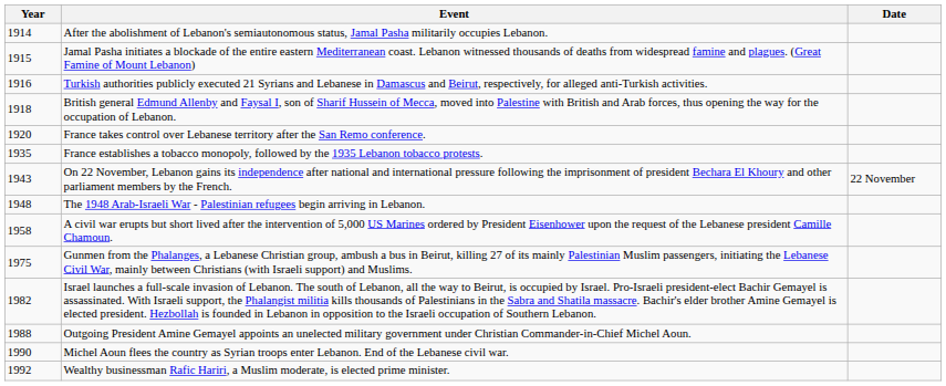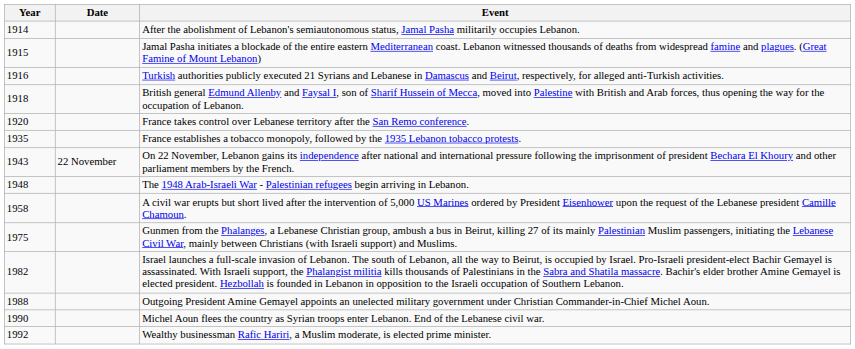 <table class="wikitable" width="100%">
 <tr>
 <th style="width:6%">Year</th>
+<th style="width:10%">Date</th>
 <th>Event</th>
-<th style="width:10%">Date</th>
 </tr>
 <tr>
 <td>1914</td>
+<td></td>
 <td>After the abolishment of Lebanon's semiautonomous status, <a href='#'>Jamal Pasha</a> militarily occupies Lebanon.</td>
-<td></td>
 </tr>
 <tr>
 <td>1915</td>
+<td></td>
 <td>Jamal Pasha initiates a blockade of the entire eastern <a href='#'>Mediterranean</a> coast. Lebanon witnessed thousands of deaths from widespread <a href='#'>famine</a> and <a href='#'>plagues</a>. (<a href='#'>Great Famine of Mount Lebanon</a>)</td>
-<td></td>
 </tr>
 <tr>
 <td>1916</td>
+<td></td>
 <td><a href='#'>Turkish</a> authorities publicly executed 21 Syrians and Lebanese in <a href='#'>Damascus</a> and <a href='#'>Beirut</a>, respectively, for alleged anti-Turkish activities.</td>
-<td></td>
 </tr>
 <tr>
 <td>1918</td>
+<td></td>
 <td>British general <a href='#'>Edmund Allenby</a> and <a href='#'>Faysal I</a>, son of <a href='#'>Sharif Hussein of Mecca</a>, moved into <a href='#'>Palestine</a> with British and Arab forces, thus opening the way for the occupation of Lebanon.</td>
-<td></td>
 </tr>
 <tr>
 <td>1920</td>
+<td></td>
 <td>France takes control over Lebanese territory after the <a href='#'>San Remo conference</a>.</td>
-<td></td>
 </tr>
 <tr>
 <td>1935</td>
+<td></td>
 <td>France establishes a tobacco monopoly, followed by the <a href='#'>1935 Lebanon tobacco protests</a>.</td>
-<td></td>
 </tr>
 <tr>
 <td>1943</td>
+<td>22 November</td>
 <td>On 22 November, Lebanon gains its <a href='#'>independence</a> after national and international pressure following the imprisonment of president <a href='#'>Bechara El Khoury</a> and other parliament members by the French.</td>
-<td>22 November</td>
 </tr>
 <tr>
 <td>1948</td>
+<td></td>
 <td>The <a href='#'>1948 Arab-Israeli War</a> - <a href='#'>Palestinian refugees</a> begin arriving in Lebanon.</td>
-<td></td>
 </tr>
 <tr>
 <td>1958</td>
+<td></td>
 <td>A civil war erupts but short lived after the intervention of 5,000 <a href='#'>US Marines</a> ordered by President <a href='#'>Eisenhower</a> upon the request of the Lebanese president <a href='#'>Camille Chamoun</a>.</td>
-<td></td>
 </tr>
 <tr>
 <td>1975</td>
+<td></td>
 <td>Gunmen from the <a href='#'>Phalanges</a>, a Lebanese Christian group, ambush a bus in Beirut, killing 27 of its mainly <a href='#'>Palestinian</a> Muslim passengers, initiating the <a href='#'>Lebanese Civil War</a>, mainly between Christians (with Israeli support) and Muslims.</td>
-<td></td>
 </tr>
 <tr>
 <td>1982</td>
+<td></td>
 <td>Israel launches a full-scale invasion of Lebanon. The south of Lebanon, all the way to Beirut, is occupied by Israel. Pro-Israeli president-elect Bachir Gemayel is assassinated. With Israeli support, the <a href='#'>Phalangist militia</a> kills thousands of Palestinians in the <a href='#'>Sabra and Shatila massacre</a>. Bachir's elder brother Amine Gemayel is elected president. <a href='#'>Hezbollah</a> is founded in Lebanon in opposition to the Israeli occupation of Southern Lebanon.</td>
-<td></td>
 </tr>
 <tr>
 <td>1988</td>
+<td></td>
 <td>Outgoing President Amine Gemayel appoints an unelected military government under Christian Commander-in-Chief Michel Aoun.</td>
-<td></td>
 </tr>
 <tr>
 <td>1990</td>
+<td></td>
 <td>Michel Aoun flees the country as Syrian troops enter Lebanon. End of the Lebanese civil war.</td>
-<td></td>
 </tr>
 <tr>
 <td>1992</td>
+<td></td>
 <td>Wealthy businessman <a href='#'>Rafic Hariri</a>, a Muslim moderate, is elected prime minister.</td>
-<td></td>
 </tr>
 </table>
